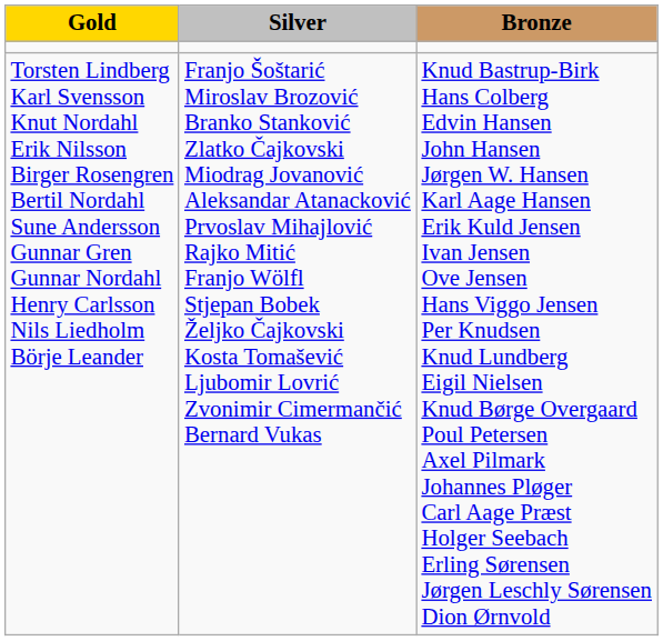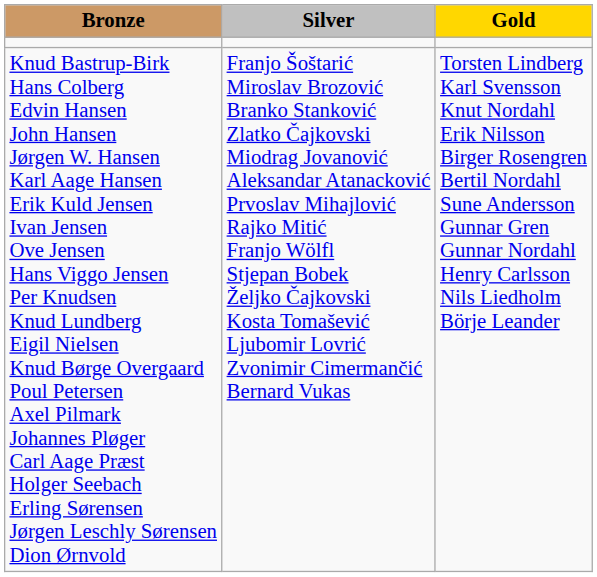 <table class="wikitable">
 <tr style="text-align:center">
+<td style="background:#c96"><strong>Bronze</strong></td>
+<td style="background:silver"><strong>Silver</strong></td>
 <td style="background:gold"><strong>Gold</strong></td>
-<td style="background:silver"><strong>Silver</strong></td>
-<td style="background:#c96"><strong>Bronze</strong></td>
 </tr>
 <tr>
 <td></td>
 <td></td>
 <td></td>
 </tr>
 <tr>
+<td valign=top><a href='#'>Knud Bastrup-Birk</a><br><a href='#'>Hans Colberg</a><br><a href='#'>Edvin Hansen</a><br><a href='#'>John Hansen</a><br><a href='#'>Jørgen W. Hansen</a><br><a href='#'>Karl Aage Hansen</a><br><a href='#'>Erik Kuld Jensen</a><br><a href='#'>Ivan Jensen</a><br><a href='#'>Ove Jensen</a><br><a href='#'>Hans Viggo Jensen</a><br><a href='#'>Per Knudsen</a><br><a href='#'>Knud Lundberg</a><br><a href='#'>Eigil Nielsen</a><br><a href='#'>Knud Børge Overgaard</a><br><a href='#'>Poul Petersen</a><br><a href='#'>Axel Pilmark</a><br><a href='#'>Johannes Pløger</a><br><a href='#'>Carl Aage Præst</a><br><a href='#'>Holger Seebach</a><br><a href='#'>Erling Sørensen</a><br><a href='#'>Jørgen Leschly Sørensen</a><br><a href='#'>Dion Ørnvold</a></td>
+<td valign=top><a href='#'>Franjo Šoštarić</a><br><a href='#'>Miroslav Brozović</a><br><a href='#'>Branko Stanković</a><br><a href='#'>Zlatko Čajkovski</a><br><a href='#'>Miodrag Jovanović</a><br><a href='#'>Aleksandar Atanacković</a><br><a href='#'>Prvoslav Mihajlović</a><br><a href='#'>Rajko Mitić</a><br><a href='#'>Franjo Wölfl</a><br><a href='#'>Stjepan Bobek</a><br><a href='#'>Željko Čajkovski</a><br><a href='#'>Kosta Tomašević</a><br><a href='#'>Ljubomir Lovrić</a><br><a href='#'>Zvonimir Cimermančić</a><br><a href='#'>Bernard Vukas</a></td>
 <td valign=top><a href='#'>Torsten Lindberg</a><br><a href='#'>Karl Svensson</a><br><a href='#'>Knut Nordahl</a><br><a href='#'>Erik Nilsson</a><br><a href='#'>Birger Rosengren</a><br><a href='#'>Bertil Nordahl</a><br><a href='#'>Sune Andersson</a><br><a href='#'>Gunnar Gren</a><br><a href='#'>Gunnar Nordahl</a><br><a href='#'>Henry Carlsson</a><br><a href='#'>Nils Liedholm</a><br><a href='#'>Börje Leander</a></td>
-<td valign=top><a href='#'>Franjo Šoštarić</a><br><a href='#'>Miroslav Brozović</a><br><a href='#'>Branko Stanković</a><br><a href='#'>Zlatko Čajkovski</a><br><a href='#'>Miodrag Jovanović</a><br><a href='#'>Aleksandar Atanacković</a><br><a href='#'>Prvoslav Mihajlović</a><br><a href='#'>Rajko Mitić</a><br><a href='#'>Franjo Wölfl</a><br><a href='#'>Stjepan Bobek</a><br><a href='#'>Željko Čajkovski</a><br><a href='#'>Kosta Tomašević</a><br><a href='#'>Ljubomir Lovrić</a><br><a href='#'>Zvonimir Cimermančić</a><br><a href='#'>Bernard Vukas</a></td>
-<td valign=top><a href='#'>Knud Bastrup-Birk</a><br><a href='#'>Hans Colberg</a><br><a href='#'>Edvin Hansen</a><br><a href='#'>John Hansen</a><br><a href='#'>Jørgen W. Hansen</a><br><a href='#'>Karl Aage Hansen</a><br><a href='#'>Erik Kuld Jensen</a><br><a href='#'>Ivan Jensen</a><br><a href='#'>Ove Jensen</a><br><a href='#'>Hans Viggo Jensen</a><br><a href='#'>Per Knudsen</a><br><a href='#'>Knud Lundberg</a><br><a href='#'>Eigil Nielsen</a><br><a href='#'>Knud Børge Overgaard</a><br><a href='#'>Poul Petersen</a><br><a href='#'>Axel Pilmark</a><br><a href='#'>Johannes Pløger</a><br><a href='#'>Carl Aage Præst</a><br><a href='#'>Holger Seebach</a><br><a href='#'>Erling Sørensen</a><br><a href='#'>Jørgen Leschly Sørensen</a><br><a href='#'>Dion Ørnvold</a></td>
 </tr>
 </table>
